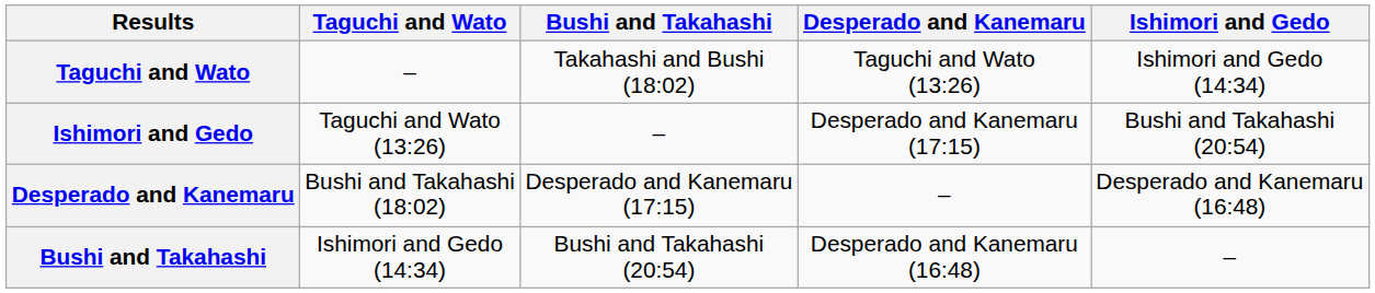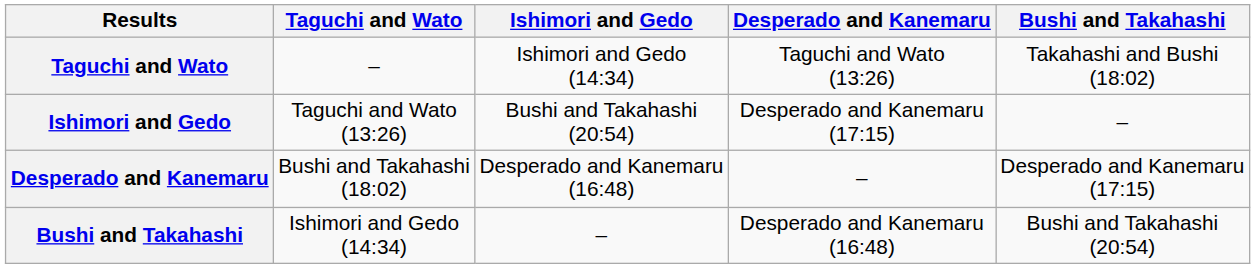 <table class="wikitable" style="margin: 1em auto 1em auto">
 <tr align="center">
 <th>Results</th>
 <th><a href='#'>Taguchi</a> and <a href='#'>Wato</a></th>
+<th><a href='#'>Ishimori</a> and <a href='#'>Gedo</a></th>
+<th><a href='#'>Desperado</a> and <a href='#'>Kanemaru</a></th>
 <th><a href='#'>Bushi</a> and <a href='#'>Takahashi</a></th>
-<th><a href='#'>Desperado</a> and <a href='#'>Kanemaru</a></th>
-<th><a href='#'>Ishimori</a> and <a href='#'>Gedo</a></th>
 </tr>
 <tr align="center">
 <th><a href='#'>Taguchi</a> and <a href='#'>Wato</a></th>
 <td>–</td>
+<td>Ishimori and Gedo<br>(14:34)</td>
+<td>Taguchi and Wato<br>(13:26)</td>
 <td>Takahashi and Bushi<br>(18:02)</td>
-<td>Taguchi and Wato<br>(13:26)</td>
-<td>Ishimori and Gedo<br>(14:34)</td>
 </tr>
 <tr align="center">
 <th><a href='#'>Ishimori</a> and <a href='#'>Gedo</a></th>
 <td>Taguchi and Wato<br>(13:26)</td>
+<td>Bushi and Takahashi<br>(20:54)</td>
+<td>Desperado and Kanemaru<br>(17:15)</td>
 <td>–</td>
-<td>Desperado and Kanemaru<br>(17:15)</td>
-<td>Bushi and Takahashi<br>(20:54)</td>
 </tr>
 <tr align="center">
 <th><a href='#'>Desperado</a> and <a href='#'>Kanemaru</a></th>
 <td>Bushi and Takahashi<br>(18:02)</td>
+<td>Desperado and Kanemaru<br>(16:48)</td>
+<td>–</td>
 <td>Desperado and Kanemaru<br>(17:15)</td>
-<td>–</td>
-<td>Desperado and Kanemaru<br>(16:48)</td>
 </tr>
 <tr align="center">
 <th><a href='#'>Bushi</a> and <a href='#'>Takahashi</a></th>
 <td>Ishimori and Gedo<br>(14:34)</td>
+<td>–</td>
+<td>Desperado and Kanemaru<br>(16:48)</td>
 <td>Bushi and Takahashi<br>(20:54)</td>
-<td>Desperado and Kanemaru<br>(16:48)</td>
-<td>–</td>
 </tr>
 </table>
